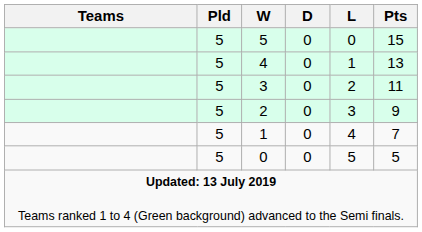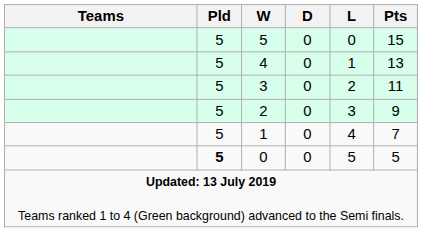 <table class="wikitable" style="text-align: center;">
 <tr>
 <th width="200">Teams</th>
 <th width="40">Pld</th>
 <th width="40">W</th>
 <th width="40">D</th>
 <th width="40">L</th>
 <th width="40">Pts</th>
 </tr>
 <tr bgcolor="#d8ffeb">
 <td align=left></td>
 <td>5</td>
 <td>5</td>
 <td>0</td>
 <td>0</td>
 <td>15</td>
 </tr>
 <tr bgcolor="#d8ffeb">
 <td align=left></td>
 <td>5</td>
 <td>4</td>
 <td>0</td>
 <td>1</td>
 <td>13</td>
 </tr>
 <tr bgcolor="#d8ffeb">
 <td align=left></td>
 <td>5</td>
 <td>3</td>
 <td>0</td>
 <td>2</td>
 <td>11</td>
 </tr>
 <tr bgcolor="#d8ffeb">
 <td align=left></td>
 <td>5</td>
 <td>2</td>
 <td>0</td>
 <td>3</td>
 <td>9</td>
 </tr>
 <tr>
 <td align=left></td>
 <td>5</td>
 <td>1</td>
 <td>0</td>
 <td>4</td>
 <td>7</td>
 </tr>
 <tr>
 <td align=left></td>
-<td>5</td>
+<td><strong>5</strong></td>
 <td>0</td>
 <td>0</td>
 <td>5</td>
 <td>5</td>
 </tr>
 <tr bgcolor="#f9f9f9" align=center>
 <td colspan="15" style="border:0px"><small><strong>Updated: 13 July 2019</strong></small><br> <br> <small>Teams ranked 1 to 4 <span>(Green background)</span> advanced to the Semi finals.<br></small></td>
 </tr>
 </table>
